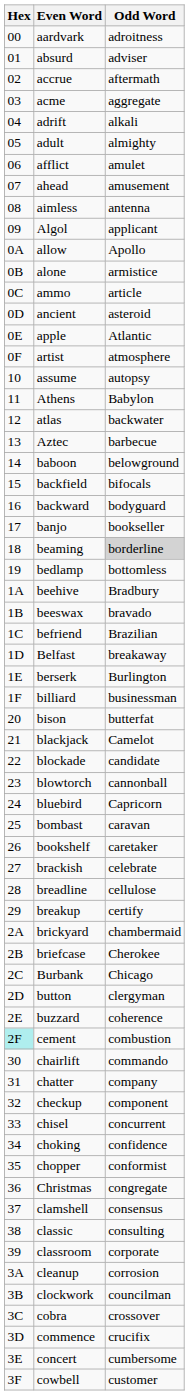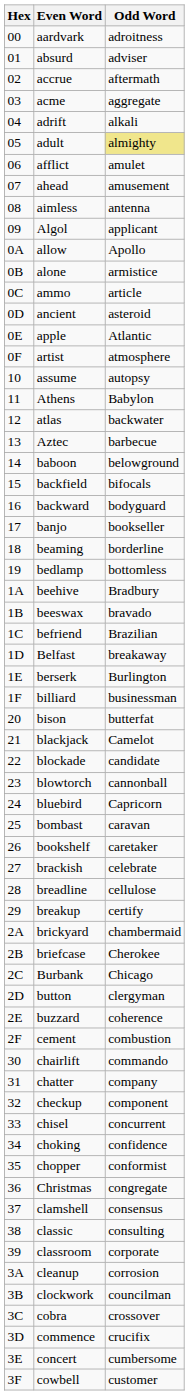 <table class="wikitable" style="float: left;">
 <tr>
 <th>Hex</th>
 <th align=left>Even Word</th>
 <th align=left>Odd Word</th>
 </tr>
 <tr>
 <td>00</td>
 <td>aardvark</td>
 <td>adroitness</td>
 </tr>
 <tr>
 <td>01</td>
 <td>absurd</td>
 <td>adviser</td>
 </tr>
 <tr>
 <td>02</td>
 <td>accrue</td>
 <td>aftermath</td>
 </tr>
 <tr>
 <td>03</td>
 <td>acme</td>
 <td>aggregate</td>
 </tr>
 <tr>
 <td>04</td>
 <td>adrift</td>
 <td>alkali</td>
 </tr>
 <tr>
 <td>05</td>
 <td>adult</td>
-<td>almighty</td>
+<td style="background: khaki;">almighty</td>
 </tr>
 <tr>
 <td>06</td>
 <td>afflict</td>
 <td>amulet</td>
 </tr>
 <tr>
 <td>07</td>
 <td>ahead</td>
 <td>amusement</td>
 </tr>
 <tr>
 <td>08</td>
 <td>aimless</td>
 <td>antenna</td>
 </tr>
 <tr>
 <td>09</td>
 <td>Algol</td>
 <td>applicant</td>
 </tr>
 <tr>
 <td>0A</td>
 <td>allow</td>
 <td>Apollo</td>
 </tr>
 <tr>
 <td>0B</td>
 <td>alone</td>
 <td>armistice</td>
 </tr>
 <tr>
 <td>0C</td>
 <td>ammo</td>
 <td>article</td>
 </tr>
 <tr>
 <td>0D</td>
 <td>ancient</td>
 <td>asteroid</td>
 </tr>
 <tr>
 <td>0E</td>
 <td>apple</td>
 <td>Atlantic</td>
 </tr>
 <tr>
 <td>0F</td>
 <td>artist</td>
 <td>atmosphere</td>
 </tr>
 <tr>
 <td>10</td>
 <td>assume</td>
 <td>autopsy</td>
 </tr>
 <tr>
 <td>11</td>
 <td>Athens</td>
 <td>Babylon</td>
 </tr>
 <tr>
 <td>12</td>
 <td>atlas</td>
 <td>backwater</td>
 </tr>
 <tr>
 <td>13</td>
 <td>Aztec</td>
 <td>barbecue</td>
 </tr>
 <tr>
 <td>14</td>
 <td>baboon</td>
 <td>belowground</td>
 </tr>
 <tr>
 <td>15</td>
 <td>backfield</td>
 <td>bifocals</td>
 </tr>
 <tr>
 <td>16</td>
 <td>backward</td>
 <td>bodyguard</td>
 </tr>
 <tr>
 <td>17</td>
 <td>banjo</td>
 <td>bookseller</td>
 </tr>
 <tr>
 <td>18</td>
 <td>beaming</td>
-<td style="background: lightgrey;">borderline</td>
+<td>borderline</td>
 </tr>
 <tr>
 <td>19</td>
 <td>bedlamp</td>
 <td>bottomless</td>
 </tr>
 <tr>
 <td>1A</td>
 <td>beehive</td>
 <td>Bradbury</td>
 </tr>
 <tr>
 <td>1B</td>
 <td>beeswax</td>
 <td>bravado</td>
 </tr>
 <tr>
 <td>1C</td>
 <td>befriend</td>
 <td>Brazilian</td>
 </tr>
 <tr>
 <td>1D</td>
 <td>Belfast</td>
 <td>breakaway</td>
 </tr>
 <tr>
 <td>1E</td>
 <td>berserk</td>
 <td>Burlington</td>
 </tr>
 <tr>
 <td>1F</td>
 <td>billiard</td>
 <td>businessman</td>
 </tr>
 <tr>
 <td>20</td>
 <td>bison</td>
 <td>butterfat</td>
 </tr>
 <tr>
 <td>21</td>
 <td>blackjack</td>
 <td>Camelot</td>
 </tr>
 <tr>
 <td>22</td>
 <td>blockade</td>
 <td>candidate</td>
 </tr>
 <tr>
 <td>23</td>
 <td>blowtorch</td>
 <td>cannonball</td>
 </tr>
 <tr>
 <td>24</td>
 <td>bluebird</td>
 <td>Capricorn</td>
 </tr>
 <tr>
 <td>25</td>
 <td>bombast</td>
 <td>caravan</td>
 </tr>
 <tr>
 <td>26</td>
 <td>bookshelf</td>
 <td>caretaker</td>
 </tr>
 <tr>
 <td>27</td>
 <td>brackish</td>
 <td>celebrate</td>
 </tr>
 <tr>
 <td>28</td>
 <td>breadline</td>
 <td>cellulose</td>
 </tr>
 <tr>
 <td>29</td>
 <td>breakup</td>
 <td>certify</td>
 </tr>
 <tr>
 <td>2A</td>
 <td>brickyard</td>
 <td>chambermaid</td>
 </tr>
 <tr>
 <td>2B</td>
 <td>briefcase</td>
 <td>Cherokee</td>
 </tr>
 <tr>
 <td>2C</td>
 <td>Burbank</td>
 <td>Chicago</td>
 </tr>
 <tr>
 <td>2D</td>
 <td>button</td>
 <td>clergyman</td>
 </tr>
 <tr>
 <td>2E</td>
 <td>buzzard</td>
 <td>coherence</td>
 </tr>
 <tr>
-<td style="background: paleturquoise;">2F</td>
+<td>2F</td>
 <td>cement</td>
 <td>combustion</td>
 </tr>
 <tr>
 <td>30</td>
 <td>chairlift</td>
 <td>commando</td>
 </tr>
 <tr>
 <td>31</td>
 <td>chatter</td>
 <td>company</td>
 </tr>
 <tr>
 <td>32</td>
 <td>checkup</td>
 <td>component</td>
 </tr>
 <tr>
 <td>33</td>
 <td>chisel</td>
 <td>concurrent</td>
 </tr>
 <tr>
 <td>34</td>
 <td>choking</td>
 <td>confidence</td>
 </tr>
 <tr>
 <td>35</td>
 <td>chopper</td>
 <td>conformist</td>
 </tr>
 <tr>
 <td>36</td>
 <td>Christmas</td>
 <td>congregate</td>
 </tr>
 <tr>
 <td>37</td>
 <td>clamshell</td>
 <td>consensus</td>
 </tr>
 <tr>
 <td>38</td>
 <td>classic</td>
 <td>consulting</td>
 </tr>
 <tr>
 <td>39</td>
 <td>classroom</td>
 <td>corporate</td>
 </tr>
 <tr>
 <td>3A</td>
 <td>cleanup</td>
 <td>corrosion</td>
 </tr>
 <tr>
 <td>3B</td>
 <td>clockwork</td>
 <td>councilman</td>
 </tr>
 <tr>
 <td>3C</td>
 <td>cobra</td>
 <td>crossover</td>
 </tr>
 <tr>
 <td>3D</td>
 <td>commence</td>
 <td>crucifix</td>
 </tr>
 <tr>
 <td>3E</td>
 <td>concert</td>
 <td>cumbersome</td>
 </tr>
 <tr>
 <td>3F</td>
 <td>cowbell</td>
 <td>customer</td>
 </tr>
 </table>
